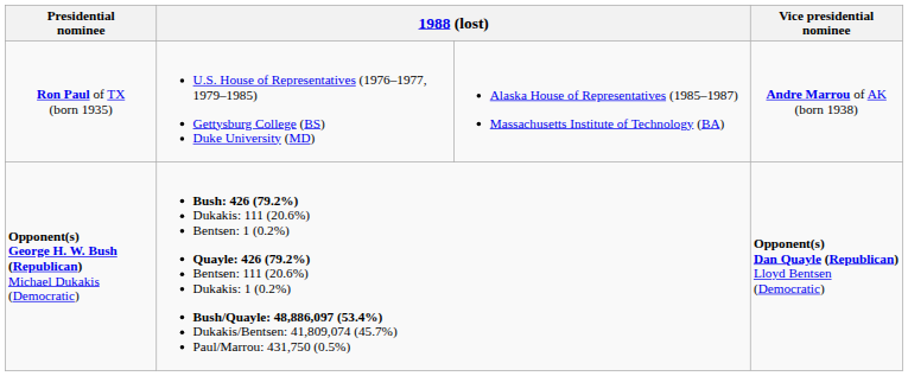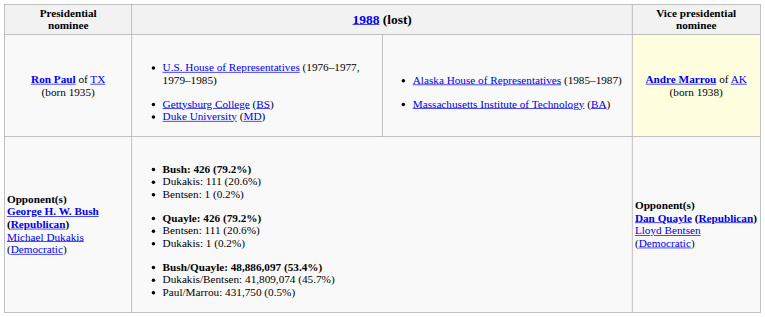 <table class="wikitable">
 <tr>
 <th width=175>Presidential<br>nominee</th>
 <th colspan=2><big><a href='#'>1988</a> (lost)</big></th>
 <th width=175>Vice presidential<br>nominee</th>
 </tr>
 <tr>
 <td style="text-align:center;"><strong><a href='#'>Ron Paul</a></strong> of <a href='#'>TX</a><br>(born 1935)<br></td>
 <td width=350><br><ul><li><a href='#'>U.S. House of Representatives</a> (1976–1977, 1979–1985)</li></ul><ul><li><a href='#'>Gettysburg College</a> (<a href='#'>BS</a>)</li><li><a href='#'>Duke University</a> (<a href='#'>MD</a>)</li></ul></td>
 <td width=350><br><ul><li><a href='#'>Alaska House of Representatives</a> (1985–1987)</li></ul><ul><li><a href='#'>Massachusetts Institute of Technology</a> (<a href='#'>BA</a>)</li></ul></td>
-<td style="text-align:center;"><strong><a href='#'>Andre Marrou</a></strong> of <a href='#'>AK</a><br>(born 1938)<br></td>
+<td style="background: lightyellow; text-align:center;"><strong><a href='#'>Andre Marrou</a></strong> of <a href='#'>AK</a><br>(born 1938)<br></td>
 </tr>
 <tr>
 <td><strong>Opponent(s)</strong><br><strong><a href='#'>George H. W. Bush</a> (<a href='#'>Republican</a>)</strong><br><a href='#'>Michael Dukakis</a> (<a href='#'>Democratic</a>)</td>
 <td colspan=2><br><ul><li><strong>Bush: 426 (79.2%)</strong></li><li>Dukakis: 111 (20.6%)</li><li>Bentsen: 1 (0.2%)</li></ul><ul><li><strong>Quayle: 426 (79.2%)</strong></li><li>Bentsen: 111 (20.6%)</li><li>Dukakis: 1 (0.2%)</li></ul><ul><li><strong>Bush/Quayle: 48,886,097 (53.4%)</strong></li><li>Dukakis/Bentsen: 41,809,074 (45.7%)</li><li>Paul/Marrou: 431,750 (0.5%)</li></ul></td>
 <td><strong>Opponent(s)</strong><br><strong><a href='#'>Dan Quayle</a> (<a href='#'>Republican</a>)</strong><br><a href='#'>Lloyd Bentsen</a> (<a href='#'>Democratic</a>)</td>
 </tr>
 </table>
